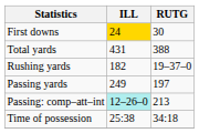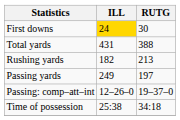 <table class="wikitable" style="float: left;">
 <tr>
 <th>Statistics</th>
 <th>ILL</th>
 <th>RUTG</th>
 </tr>
 <tr>
 <td>First downs</td>
 <td style="background: gold;">24</td>
 <td>30</td>
 </tr>
 <tr>
 <td>Total yards</td>
 <td>431</td>
 <td>388</td>
 </tr>
 <tr>
 <td>Rushing yards</td>
 <td>182</td>
-<td>19–37–0</td>
+<td>213</td>
 </tr>
 <tr>
 <td>Passing yards</td>
 <td>249</td>
 <td>197</td>
 </tr>
 <tr>
 <td>Passing: comp–att–int</td>
-<td style="background: paleturquoise;">12–26–0</td>
-<td>213</td>
+<td>12–26–0</td>
+<td>19–37–0</td>
 </tr>
 <tr>
 <td>Time of possession</td>
 <td>25:38</td>
 <td>34:18</td>
 </tr>
 <tr>
 </tr>
 </table>
